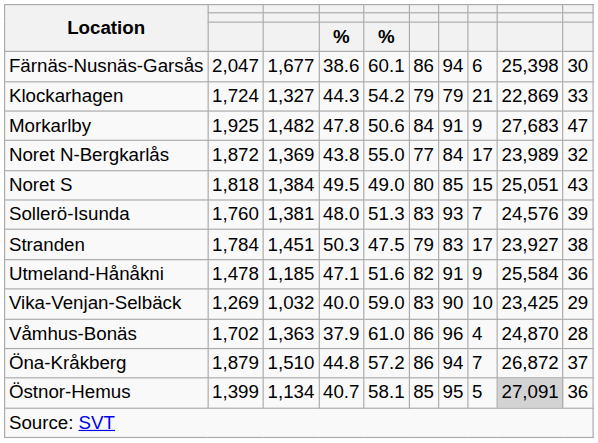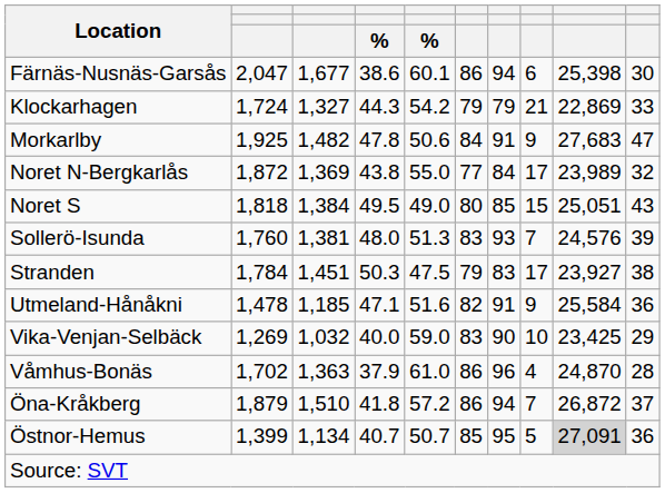 <table role="presentation" class="wikitable sortable mw-collapsible">
 <tr>
 <th rowspan="3">Location</th>
 <th></th>
 <th></th>
 <th></th>
 <th></th>
 <th></th>
 <th></th>
 <th></th>
 <th></th>
 <th></th>
 </tr>
 <tr>
 <th></th>
 <th></th>
 <th style="background:"></th>
 <th style="background:"></th>
 <th></th>
 <th></th>
 <th></th>
 <th></th>
 <th></th>
 </tr>
 <tr>
 <th data-sort-type="number"></th>
 <th data-sort-type="number"></th>
 <th data-sort-type="number">%</th>
 <th data-sort-type="number">%</th>
 <th data-sort-type="number"></th>
 <th data-sort-type="number"></th>
 <th data-sort-type="number"></th>
 <th data-sort-type="number"></th>
 <th data-sort-type="number"></th>
 </tr>
 <tr>
 <td align="left">Färnäs-Nusnäs-Garsås</td>
 <td>2,047</td>
 <td>1,677</td>
 <td>38.6</td>
 <td>60.1</td>
 <td>86</td>
 <td>94</td>
 <td>6</td>
 <td>25,398</td>
 <td>30</td>
 </tr>
 <tr>
 <td align="left">Klockarhagen</td>
 <td>1,724</td>
 <td>1,327</td>
 <td>44.3</td>
 <td>54.2</td>
 <td>79</td>
 <td>79</td>
 <td>21</td>
 <td>22,869</td>
 <td>33</td>
 </tr>
 <tr>
 <td align="left">Morkarlby</td>
 <td>1,925</td>
 <td>1,482</td>
 <td>47.8</td>
 <td>50.6</td>
 <td>84</td>
 <td>91</td>
 <td>9</td>
 <td>27,683</td>
 <td>47</td>
 </tr>
 <tr>
 <td align="left">Noret N-Bergkarlås</td>
 <td>1,872</td>
 <td>1,369</td>
 <td>43.8</td>
 <td>55.0</td>
 <td>77</td>
 <td>84</td>
 <td>17</td>
 <td>23,989</td>
 <td>32</td>
 </tr>
 <tr>
 <td align="left">Noret S</td>
 <td>1,818</td>
 <td>1,384</td>
 <td>49.5</td>
 <td>49.0</td>
 <td>80</td>
 <td>85</td>
 <td>15</td>
 <td>25,051</td>
 <td>43</td>
 </tr>
 <tr>
 <td align="left">Sollerö-Isunda</td>
 <td>1,760</td>
 <td>1,381</td>
 <td>48.0</td>
 <td>51.3</td>
 <td>83</td>
 <td>93</td>
 <td>7</td>
 <td>24,576</td>
 <td>39</td>
 </tr>
 <tr>
 <td align="left">Stranden</td>
 <td>1,784</td>
 <td>1,451</td>
 <td>50.3</td>
 <td>47.5</td>
 <td>79</td>
 <td>83</td>
 <td>17</td>
 <td>23,927</td>
 <td>38</td>
 </tr>
 <tr>
 <td align="left">Utmeland-Hånåkni</td>
 <td>1,478</td>
 <td>1,185</td>
 <td>47.1</td>
 <td>51.6</td>
 <td>82</td>
 <td>91</td>
 <td>9</td>
 <td>25,584</td>
 <td>36</td>
 </tr>
 <tr>
 <td align="left">Vika-Venjan-Selbäck</td>
 <td>1,269</td>
 <td>1,032</td>
 <td>40.0</td>
 <td>59.0</td>
 <td>83</td>
 <td>90</td>
 <td>10</td>
 <td>23,425</td>
 <td>29</td>
 </tr>
 <tr>
 <td align="left">Våmhus-Bonäs</td>
 <td>1,702</td>
 <td>1,363</td>
 <td>37.9</td>
 <td>61.0</td>
 <td>86</td>
 <td>96</td>
 <td>4</td>
 <td>24,870</td>
 <td>28</td>
 </tr>
 <tr>
 <td align="left">Öna-Kråkberg</td>
 <td>1,879</td>
 <td>1,510</td>
-<td>44.8</td>
+<td>41.8</td>
 <td>57.2</td>
 <td>86</td>
 <td>94</td>
 <td>7</td>
 <td>26,872</td>
 <td>37</td>
 </tr>
 <tr>
 <td align="left">Östnor-Hemus</td>
 <td>1,399</td>
 <td>1,134</td>
 <td>40.7</td>
-<td>58.1</td>
+<td>50.7</td>
 <td>85</td>
 <td>95</td>
 <td>5</td>
 <td style="background: lightgrey;">27,091</td>
 <td>36</td>
 </tr>
 <tr>
 <td colspan="10" align="left">Source: <a href='#'>SVT</a></td>
 </tr>
 </table>
